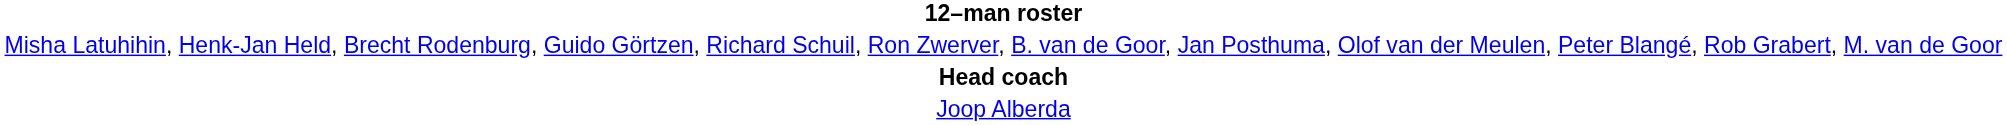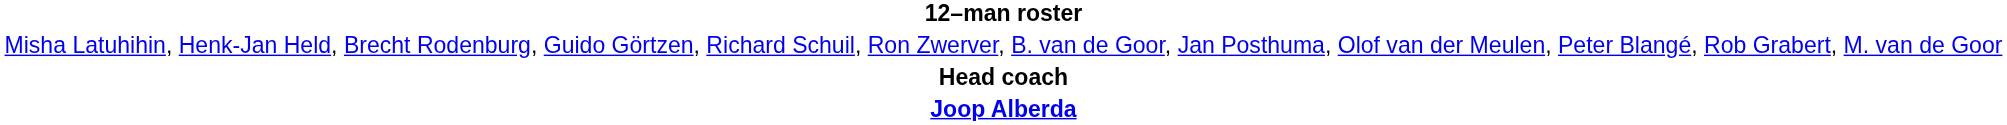 <table style="text-align:center; margin-top:2em; margin-left:auto; margin-right:auto">
 <tr>
 <td><strong>12–man roster</strong></td>
 </tr>
 <tr>
 <td><a href='#'>Misha Latuhihin</a>, <a href='#'>Henk-Jan Held</a>, <a href='#'>Brecht Rodenburg</a>, <a href='#'>Guido Görtzen</a>, <a href='#'>Richard Schuil</a>, <a href='#'>Ron Zwerver</a>, <a href='#'>B. van de Goor</a>, <a href='#'>Jan Posthuma</a>, <a href='#'>Olof van der Meulen</a>, <a href='#'>Peter Blangé</a>, <a href='#'>Rob Grabert</a>, <a href='#'>M. van de Goor</a></td>
 </tr>
 <tr>
 <td><strong>Head coach</strong></td>
 </tr>
 <tr>
-<td><a href='#'>Joop Alberda</a></td>
+<td><strong><a href='#'>Joop Alberda</a></strong></td>
 </tr>
 </table>
